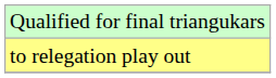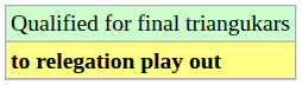 <table class="wikitable">
 <tr width=10px bgcolor="#ccffcc">
 <td>Qualified for final triangukars</td>
 </tr>
 <tr width=10px bgcolor="#FFFF88">
-<td>to relegation play out</td>
+<td><strong>to relegation play out</strong></td>
 </tr>
 <tr>
 </tr>
 </table>
